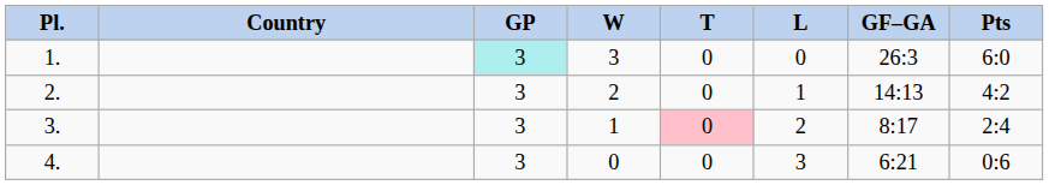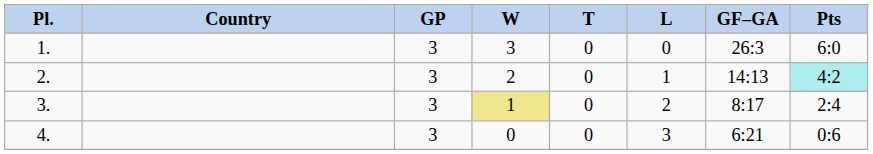 <table class="wikitable" width="60%">
 <tr style="font-weight:bold; background-color:#BCD2EE;" align="center" |>
 <td width="5%">Pl.</td>
 <td width="20%">Country</td>
 <td width="5%">GP</td>
 <td width="5%">W</td>
 <td width="5%">T</td>
 <td width="5%">L</td>
 <td width="5%">GF–GA</td>
 <td width="5%">Pts</td>
 </tr>
 <tr align="center">
 <td>1.</td>
 <td style="text-align:left;"></td>
-<td style="background: paleturquoise;">3</td>
+<td>3</td>
 <td>3</td>
 <td>0</td>
 <td>0</td>
 <td>26:3</td>
 <td>6:0</td>
 </tr>
 <tr align="center">
 <td>2.</td>
 <td style="text-align:left;"></td>
 <td>3</td>
 <td>2</td>
 <td>0</td>
 <td>1</td>
 <td>14:13</td>
-<td>4:2</td>
+<td style="background: paleturquoise;">4:2</td>
 </tr>
 <tr align="center">
 <td>3.</td>
 <td style="text-align:left;"></td>
 <td>3</td>
-<td>1</td>
-<td style="background: pink;">0</td>
+<td style="background: khaki;">1</td>
+<td>0</td>
 <td>2</td>
 <td>8:17</td>
 <td>2:4</td>
 </tr>
 <tr align="center">
 <td>4.</td>
 <td style="text-align:left;"></td>
 <td>3</td>
 <td>0</td>
 <td>0</td>
 <td>3</td>
 <td>6:21</td>
 <td>0:6</td>
 </tr>
 </table>
